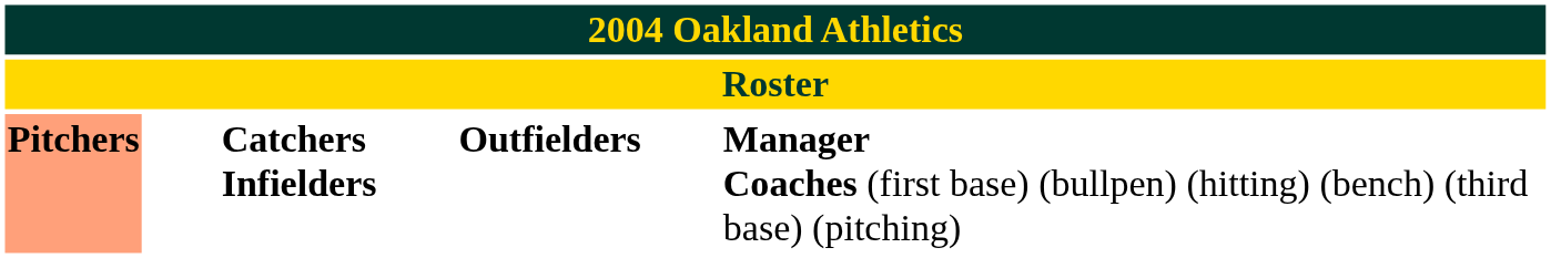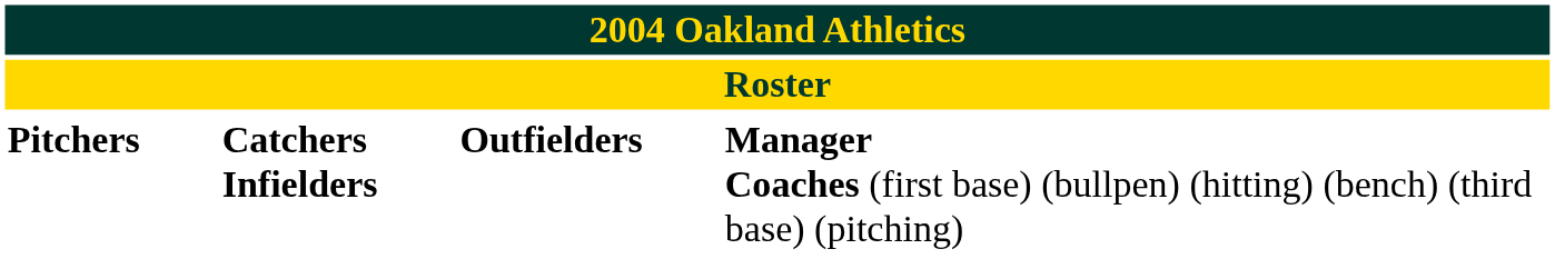 <table class="toccolours" style="font-size: 95%;">
 <tr>
 <th colspan="10" style="background-color: #003831; color: #FFD800; text-align: center;">2004 Oakland Athletics</th>
 </tr>
 <tr>
 <td colspan="10" style="background-color: #FFD800; color: #003831; text-align: center;"><strong>Roster</strong></td>
 </tr>
 <tr>
-<td valign="top" style="background: lightsalmon;"><strong>Pitchers</strong><br>                </td>
+<td valign="top"><strong>Pitchers</strong><br>                </td>
 <td width="25px"></td>
 <td valign="top"><strong>Catchers</strong><br>   <strong>Infielders</strong>          </td>
 <td width="25px"></td>
 <td valign="top"><strong>Outfielders</strong><br>     </td>
 <td width="25px"></td>
 <td valign="top"><strong>Manager</strong><br> <strong>Coaches</strong>  (first base)  (bullpen)  (hitting)  (bench)  (third base)  (pitching)</td>
 </tr>
 </table>
